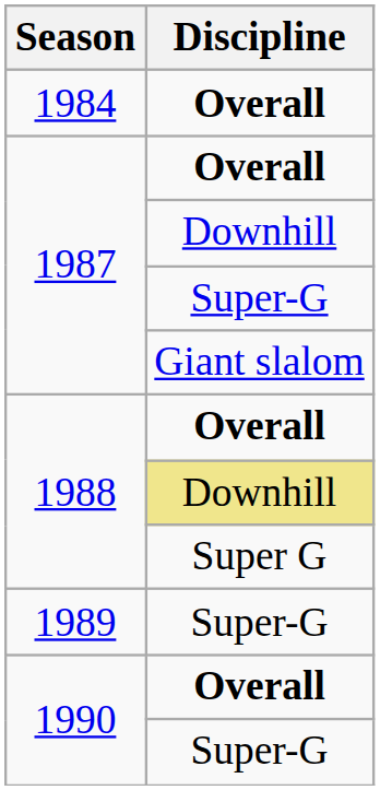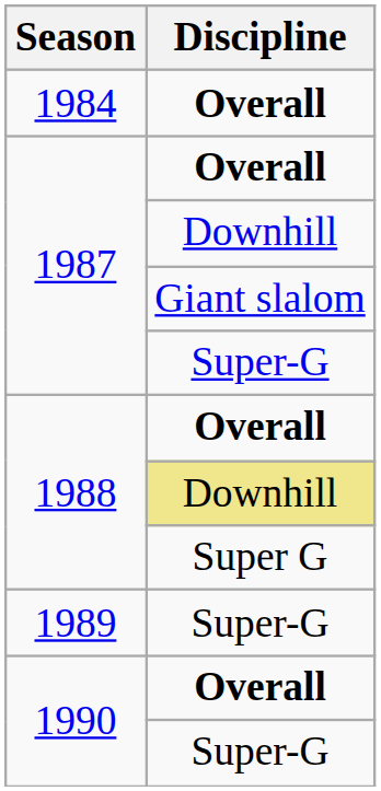 <table class=wikitable style="text-align:center">
 <tr>
 <th>Season</th>
 <th>Discipline</th>
 </tr>
 <tr>
 <td><a href='#'>1984</a></td>
 <td><strong>Overall</strong></td>
 </tr>
 <tr>
 <td rowspan=4><a href='#'>1987</a></td>
 <td><strong>Overall</strong></td>
 </tr>
 <tr>
 <td><a href='#'>Downhill</a></td>
 </tr>
 <tr>
-<td><a href='#'>Super-G</a></td>
+<td><a href='#'>Giant slalom</a></td>
 </tr>
 <tr>
-<td><a href='#'>Giant slalom</a></td>
+<td><a href='#'>Super-G</a></td>
 </tr>
 <tr>
 <td rowspan=3><a href='#'>1988</a></td>
 <td><strong>Overall</strong></td>
 </tr>
 <tr>
 <td style="background: khaki;">Downhill</td>
 </tr>
 <tr>
 <td>Super G</td>
 </tr>
 <tr>
 <td><a href='#'>1989</a></td>
 <td>Super-G</td>
 </tr>
 <tr>
 <td rowspan=2><a href='#'>1990</a></td>
 <td><strong>Overall</strong></td>
 </tr>
 <tr>
 <td>Super-G</td>
 </tr>
 </table>
